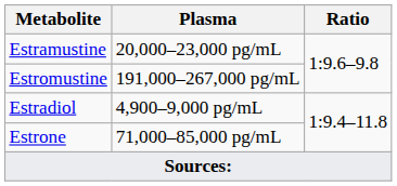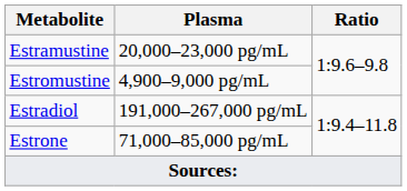 <table class="wikitable floatright">
 <tr>
 <th>Metabolite</th>
 <th>Plasma</th>
 <th>Ratio</th>
 </tr>
 <tr>
 <td><a href='#'>Estramustine</a></td>
 <td>20,000–23,000 pg/mL</td>
 <td rowspan="2">1:9.6–9.8</td>
 </tr>
 <tr>
 <td><a href='#'>Estromustine</a></td>
-<td>191,000–267,000 pg/mL</td>
+<td>4,900–9,000 pg/mL</td>
 </tr>
 <tr>
 <td><a href='#'>Estradiol</a></td>
-<td>4,900–9,000 pg/mL</td>
+<td>191,000–267,000 pg/mL</td>
 <td rowspan="2">1:9.4–11.8</td>
 </tr>
 <tr>
 <td><a href='#'>Estrone</a></td>
 <td>71,000–85,000 pg/mL</td>
 </tr>
 <tr class="sortbottom">
 <td colspan="3" style="width: 1px; background-color:#eaecf0; text-align: center;"><strong>Sources:</strong> </td>
 </tr>
 </table>
